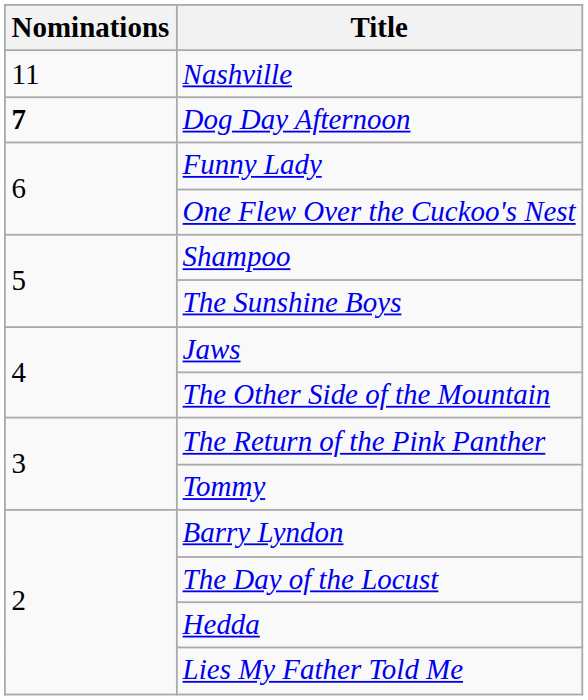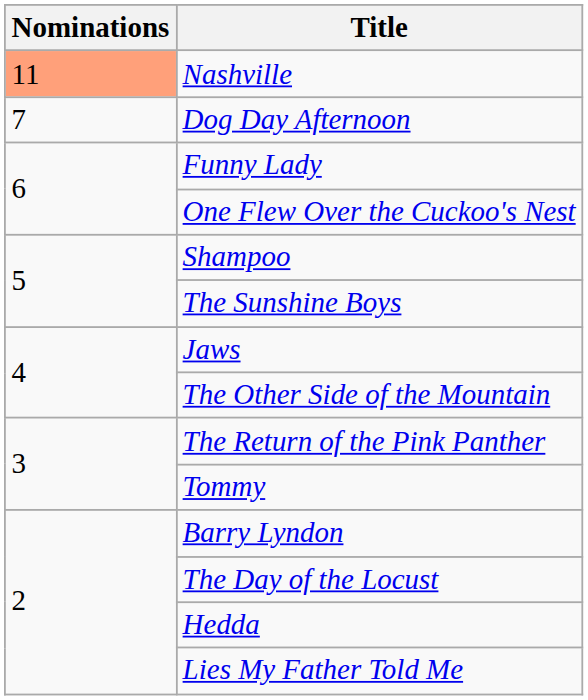 <table class="wikitable">
 <tr>
 <th>Nominations</th>
 <th>Title</th>
 </tr>
 <tr>
-<td>11</td>
+<td style="background: lightsalmon;">11</td>
 <td><em><a href='#'>Nashville</a></em></td>
 </tr>
 <tr>
-<td><strong>7</strong></td>
+<td>7</td>
 <td><em><a href='#'>Dog Day Afternoon</a></em></td>
 </tr>
 <tr>
 <td rowspan="2">6</td>
 <td><em><a href='#'>Funny Lady</a></em></td>
 </tr>
 <tr>
 <td><em><a href='#'>One Flew Over the Cuckoo's Nest</a></em></td>
 </tr>
 <tr>
 <td rowspan="2">5</td>
 <td><em><a href='#'>Shampoo</a></em></td>
 </tr>
 <tr>
 <td><em><a href='#'>The Sunshine Boys</a></em></td>
 </tr>
 <tr>
 <td rowspan="2">4</td>
 <td><em><a href='#'>Jaws</a></em></td>
 </tr>
 <tr>
 <td><em><a href='#'>The Other Side of the Mountain</a></em></td>
 </tr>
 <tr>
 <td rowspan="2">3</td>
 <td><em><a href='#'>The Return of the Pink Panther</a></em></td>
 </tr>
 <tr>
 <td><em><a href='#'>Tommy</a></em></td>
 </tr>
 <tr>
 <td rowspan="4">2</td>
 <td><em><a href='#'>Barry Lyndon</a></em></td>
 </tr>
 <tr>
 <td><em><a href='#'>The Day of the Locust</a></em></td>
 </tr>
 <tr>
 <td><em><a href='#'>Hedda</a></em></td>
 </tr>
 <tr>
 <td><em><a href='#'>Lies My Father Told Me</a></em></td>
 </tr>
 </table>
